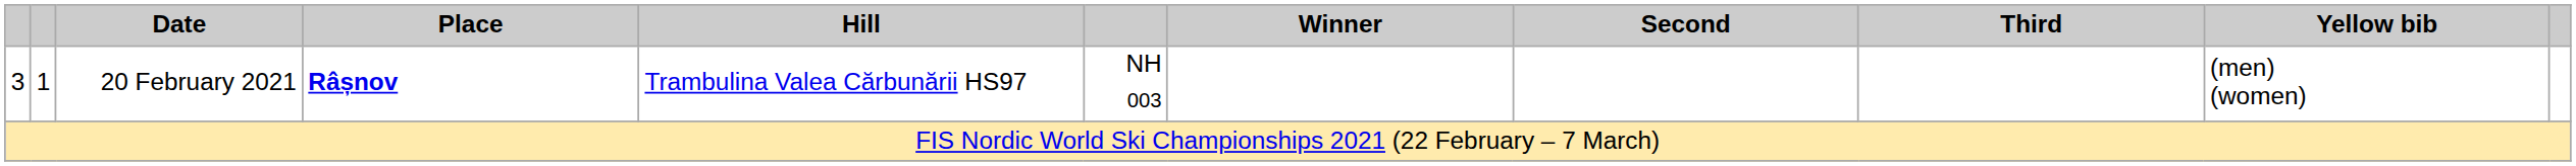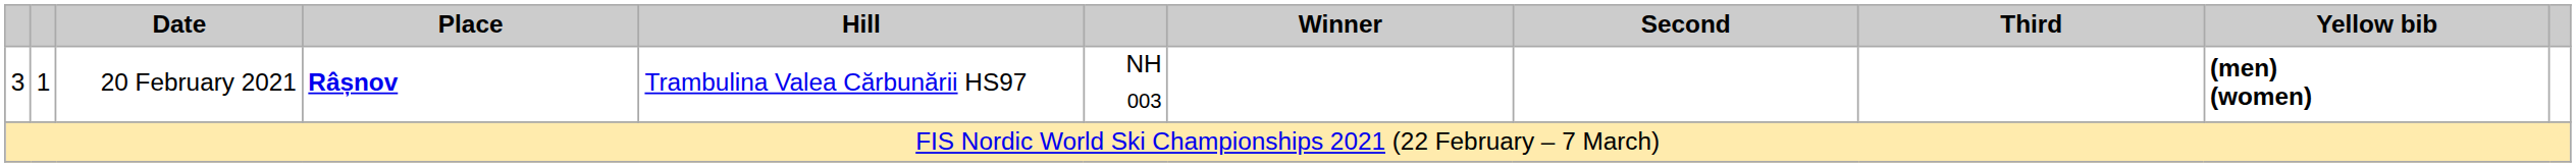 <table class="wikitable plainrowheaders" style="background:#fff; font-size:86%; line-height:16px; border:grey solid 1px; border-collapse:collapse;">
 <tr style="background:#ccc; text-align:center;">
 <th scope="col" style="background:#ccc; width=30 px;"></th>
 <th scope="col" style="background:#ccc; width=45 px;"></th>
 <th scope="col" style="background:#ccc; width:130px;">Date</th>
 <th scope="col" style="background:#ccc; width:180px;">Place</th>
 <th scope="col" style="background:#ccc; width:240px;">Hill</th>
 <th scope="col" style="background:#ccc; width:40px;"></th>
 <th scope="col" style="background:#ccc; width:185px;">Winner</th>
 <th scope="col" style="background:#ccc; width:185px;">Second</th>
 <th scope="col" style="background:#ccc; width:185px;">Third</th>
 <th scope="col" style="background:#ccc; width:185px;">Yellow bib</th>
 <th scope="col" style="background:#ccc; width:5px;"></th>
 </tr>
 <tr>
 <td align=center>3</td>
 <td align=center>1</td>
 <td align=right>20 February 2021</td>
 <td><strong> <a href='#'>Râșnov</a></strong></td>
 <td><a href='#'>Trambulina Valea Cărbunării</a> HS97</td>
 <td align=right>NH <sub>003</sub></td>
 <td></td>
 <td></td>
 <td></td>
-<td> (men) <br>  (women)</td>
+<td><strong> (men) <br>  (women)</strong></td>
 <td></td>
 </tr>
 <tr style="background:#FFEBAD">
 <td colspan=11 align=center><a href='#'>FIS Nordic World Ski Championships 2021</a> (22 February – 7 March)</td>
 </tr>
 </table>
